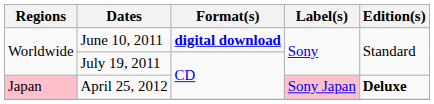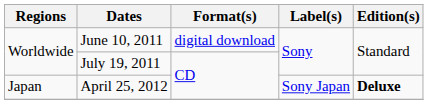 <table class="wikitable plainrowheaders">
 <tr>
 <th scope="col">Regions</th>
 <th scope="col">Dates</th>
 <th scope="col">Format(s)</th>
 <th scope="col">Label(s)</th>
 <th scope="col">Edition(s)</th>
 </tr>
 <tr>
 <td rowspan="2">Worldwide</td>
 <td>June 10, 2011</td>
-<td><strong><a href='#'>digital download</a></strong></td>
+<td><a href='#'>digital download</a></td>
 <td rowspan="2"><a href='#'>Sony</a></td>
 <td rowspan="2">Standard</td>
 </tr>
 <tr>
 <td>July 19, 2011</td>
 <td rowspan="2"><a href='#'>CD</a></td>
 </tr>
 <tr>
-<td style="background: pink;">Japan</td>
+<td>Japan</td>
 <td>April 25, 2012</td>
-<td style="background: pink;"><a href='#'>Sony Japan</a></td>
+<td><a href='#'>Sony Japan</a></td>
 <td><strong>Deluxe</strong></td>
 </tr>
 <tr>
 </tr>
 </table>
